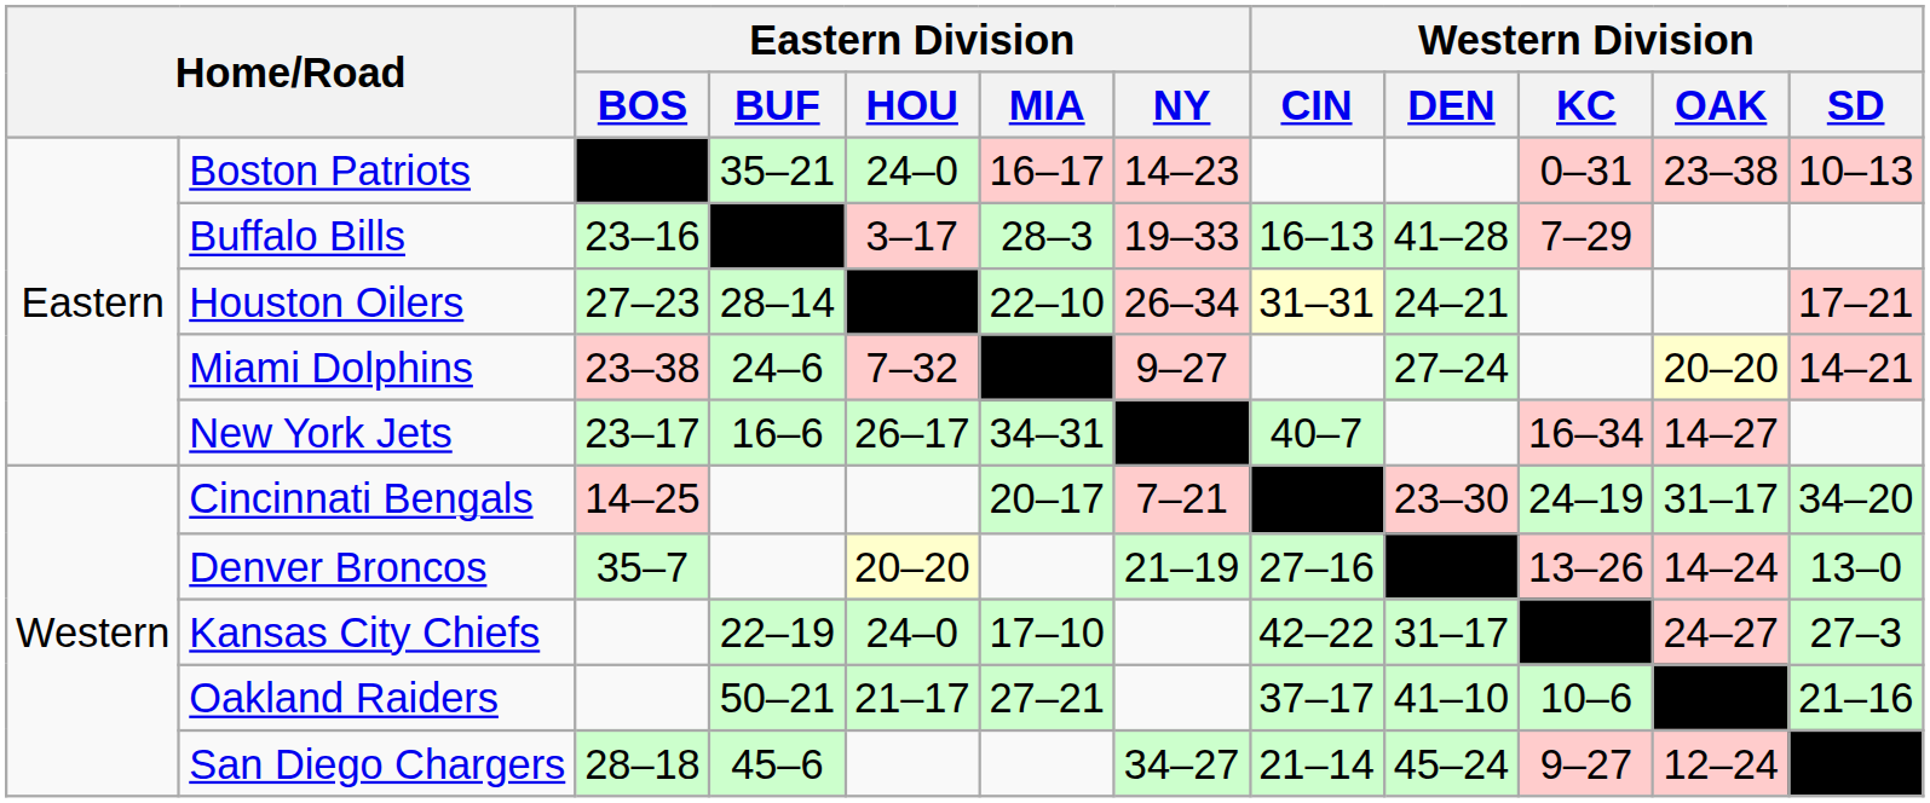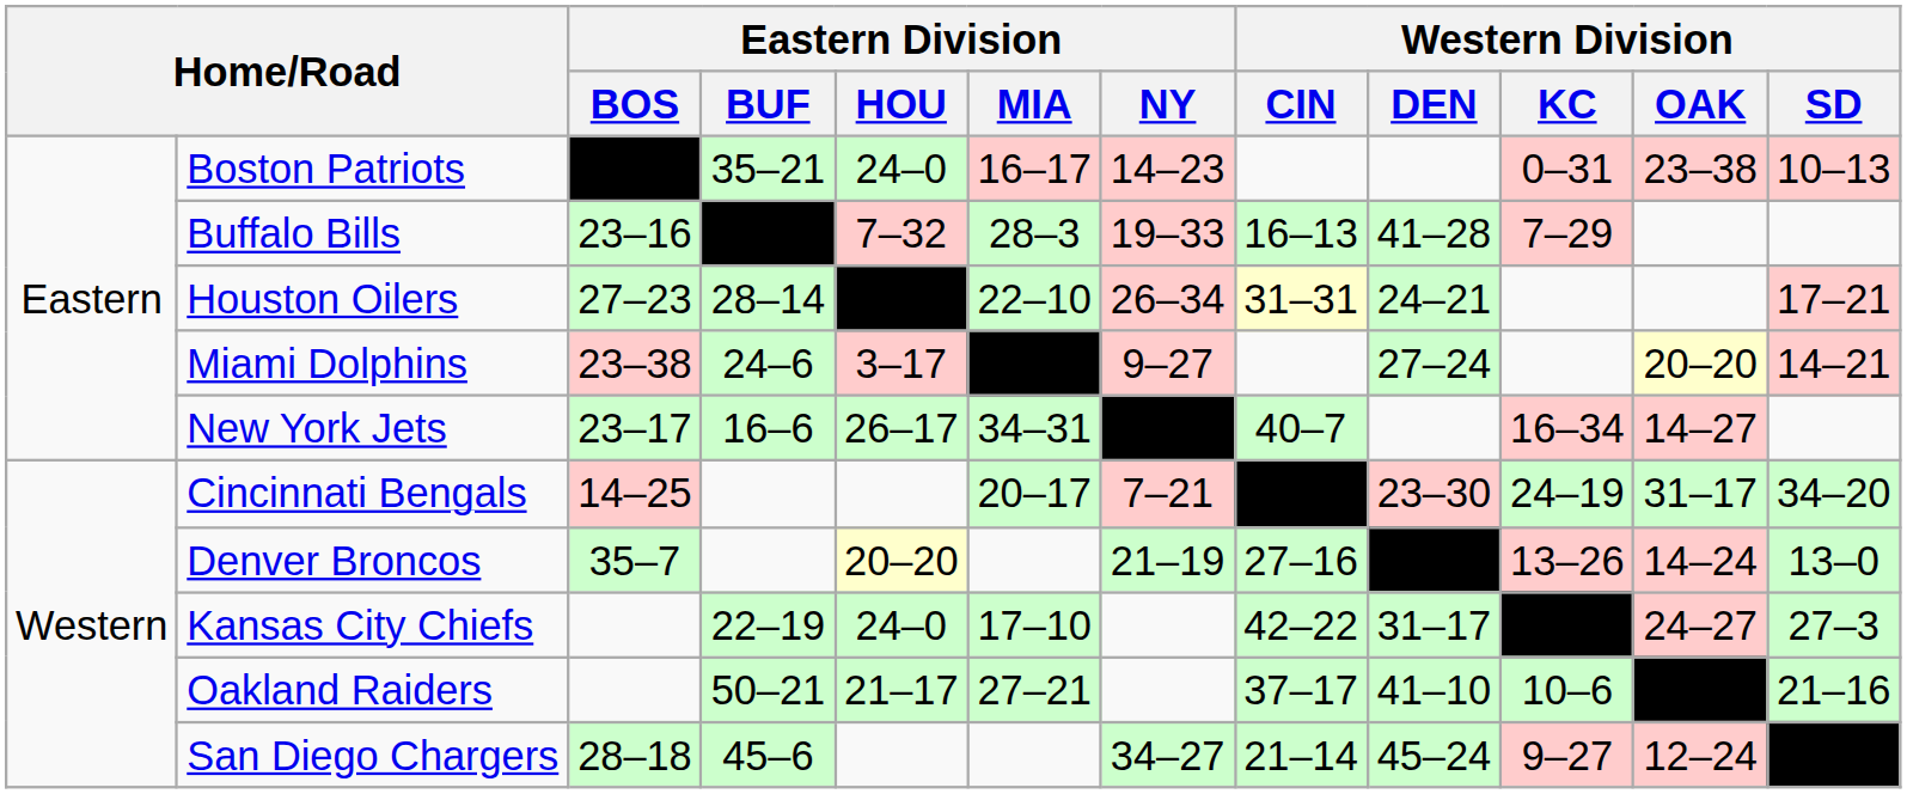 <table class="wikitable" style="font-size:95%; text-align:center">
 <tr>
 <th colspan="2" rowspan=2>Home/Road</th>
 <th colspan="5">Eastern Division</th>
 <th colspan="5">Western Division</th>
 </tr>
 <tr>
 <th><a href='#'>BOS</a></th>
 <th><a href='#'>BUF</a></th>
 <th><a href='#'>HOU</a></th>
 <th><a href='#'>MIA</a></th>
 <th><a href='#'>NY</a></th>
 <th><a href='#'>CIN</a></th>
 <th><a href='#'>DEN</a></th>
 <th><a href='#'>KC</a></th>
 <th><a href='#'>OAK</a></th>
 <th><a href='#'>SD</a></th>
 </tr>
 <tr>
 <td rowspan="5">Eastern</td>
 <td align="left"><a href='#'>Boston Patriots</a></td>
 <td style="background:#000"></td>
 <td style="background:#cfc">35–21</td>
 <td style="background:#cfc">24–0</td>
 <td style="background:#fcc">16–17</td>
 <td style="background:#fcc">14–23</td>
 <td></td>
 <td></td>
 <td style="background:#fcc">0–31</td>
 <td style="background:#fcc">23–38</td>
 <td style="background:#fcc">10–13</td>
 </tr>
 <tr>
 <td align="left"><a href='#'>Buffalo Bills</a></td>
 <td style="background:#cfc">23–16</td>
 <td style="background:#000"></td>
-<td style="background:#fcc">3–17</td>
+<td style="background:#fcc">7–32</td>
 <td style="background:#cfc">28–3</td>
 <td style="background:#fcc">19–33</td>
 <td style="background:#cfc">16–13</td>
 <td style="background:#cfc">41–28</td>
 <td style="background:#fcc">7–29</td>
 <td></td>
 <td></td>
 </tr>
 <tr>
 <td align="left"><a href='#'>Houston Oilers</a></td>
 <td style="background:#cfc">27–23</td>
 <td style="background:#cfc">28–14</td>
 <td style="background:#000"></td>
 <td style="background:#cfc">22–10</td>
 <td style="background:#fcc">26–34</td>
 <td style="background:#ffc">31–31</td>
 <td style="background:#cfc">24–21</td>
 <td></td>
 <td></td>
 <td style="background:#fcc">17–21</td>
 </tr>
 <tr>
 <td align="left"><a href='#'>Miami Dolphins</a></td>
 <td style="background:#fcc">23–38</td>
 <td style="background:#cfc">24–6</td>
-<td style="background:#fcc">7–32</td>
+<td style="background:#fcc">3–17</td>
 <td style="background:#000"></td>
 <td style="background:#fcc">9–27</td>
 <td></td>
 <td style="background:#cfc">27–24</td>
 <td></td>
 <td style="background:#ffc">20–20</td>
 <td style="background:#fcc">14–21</td>
 </tr>
 <tr>
 <td align="left"><a href='#'>New York Jets</a></td>
 <td style="background:#cfc">23–17</td>
 <td style="background:#cfc">16–6</td>
 <td style="background:#cfc">26–17</td>
 <td style="background:#cfc">34–31</td>
 <td style="background:#000"></td>
 <td style="background:#cfc">40–7</td>
 <td></td>
 <td style="background:#fcc">16–34</td>
 <td style="background:#fcc">14–27</td>
 <td></td>
 </tr>
 <tr>
 <td rowspan="5">Western</td>
 <td align="left"><a href='#'>Cincinnati Bengals</a></td>
 <td style="background:#fcc">14–25</td>
 <td></td>
 <td></td>
 <td style="background:#cfc">20–17</td>
 <td style="background:#fcc">7–21</td>
 <td style="background:#000"></td>
 <td style="background:#fcc">23–30</td>
 <td style="background:#cfc">24–19</td>
 <td style="background:#cfc">31–17</td>
 <td style="background:#cfc">34–20</td>
 </tr>
 <tr>
 <td align="left"><a href='#'>Denver Broncos</a></td>
 <td style="background:#cfc">35–7</td>
 <td></td>
 <td style="background:#ffc">20–20</td>
 <td></td>
 <td style="background:#cfc">21–19</td>
 <td style="background:#cfc">27–16</td>
 <td style="background:#000"></td>
 <td style="background:#fcc">13–26</td>
 <td style="background:#fcc">14–24</td>
 <td style="background:#cfc">13–0</td>
 </tr>
 <tr>
 <td align="left"><a href='#'>Kansas City Chiefs</a></td>
 <td></td>
 <td style="background:#cfc">22–19</td>
 <td style="background:#cfc">24–0</td>
 <td style="background:#cfc">17–10</td>
 <td></td>
 <td style="background:#cfc">42–22</td>
 <td style="background:#cfc">31–17</td>
 <td style="background:#000"></td>
 <td style="background:#fcc">24–27</td>
 <td style="background:#cfc">27–3</td>
 </tr>
 <tr>
 <td align="left"><a href='#'>Oakland Raiders</a></td>
 <td></td>
 <td style="background:#cfc">50–21</td>
 <td style="background:#cfc">21–17</td>
 <td style="background:#cfc">27–21</td>
 <td></td>
 <td style="background:#cfc">37–17</td>
 <td style="background:#cfc">41–10</td>
 <td style="background:#cfc">10–6</td>
 <td style="background:#000"></td>
 <td style="background:#cfc">21–16</td>
 </tr>
 <tr>
 <td align="left"><a href='#'>San Diego Chargers</a></td>
 <td style="background:#cfc">28–18</td>
 <td style="background:#cfc">45–6</td>
 <td></td>
 <td></td>
 <td style="background:#cfc">34–27</td>
 <td style="background:#cfc">21–14</td>
 <td style="background:#cfc">45–24</td>
 <td style="background:#fcc">9–27</td>
 <td style="background:#fcc">12–24</td>
 <td style="background:#000"></td>
 </tr>
 </table>
